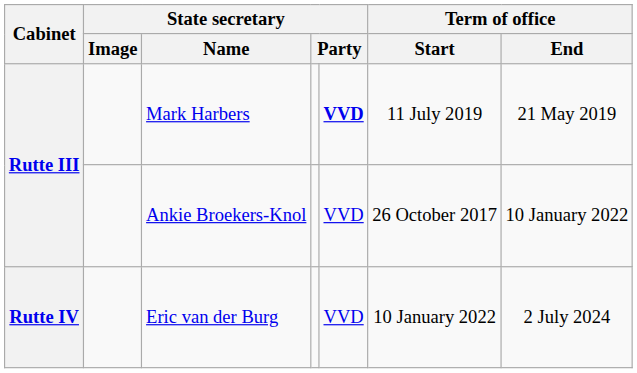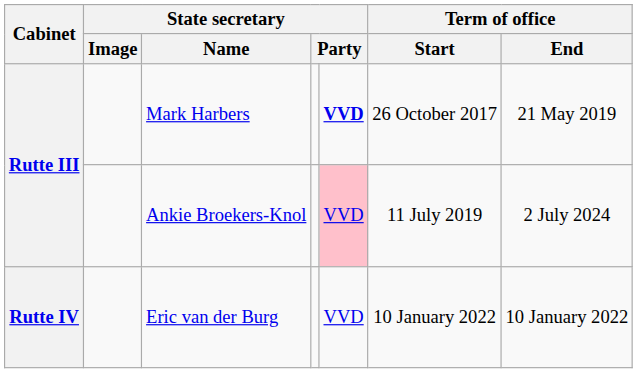 <table class="wikitable plainrowheaders">
 <tr>
 <th rowspan="2">Cabinet</th>
 <th colspan="4">State secretary</th>
 <th colspan="2">Term of office</th>
 </tr>
 <tr>
 <th>Image</th>
 <th>Name</th>
 <th colspan="2">Party</th>
 <th>Start</th>
 <th>End</th>
 </tr>
 <tr>
 <th scope="row" rowspan="2"><a href='#'>Rutte III</a></th>
 <td height="80px"></td>
 <td><a href='#'>Mark Harbers</a></td>
 <td style="background:"></td>
 <td style="text-align:center"><strong><a href='#'>VVD</a></strong></td>
-<td style="text-align:center">11 July 2019</td>
+<td style="text-align:center">26 October 2017</td>
 <td style="text-align:center">21 May 2019</td>
 </tr>
 <tr>
 <td height="80px"></td>
 <td><a href='#'>Ankie Broekers-Knol</a></td>
 <td style="background:"></td>
-<td style="text-align:center"><a href='#'>VVD</a></td>
-<td style="text-align:center">26 October 2017</td>
-<td style="text-align:center">10 January 2022</td>
+<td style="background: pink; text-align:center"><a href='#'>VVD</a></td>
+<td style="text-align:center">11 July 2019</td>
+<td style="text-align:center">2 July 2024</td>
 </tr>
 <tr>
 <th scope="row"><a href='#'>Rutte IV</a></th>
 <td height="80px"></td>
 <td><a href='#'>Eric van der Burg</a></td>
 <td style="background:"></td>
 <td style="text-align:center"><a href='#'>VVD</a></td>
 <td style="text-align:center">10 January 2022</td>
-<td style="text-align:center">2 July 2024</td>
+<td style="text-align:center">10 January 2022</td>
 </tr>
 </table>
